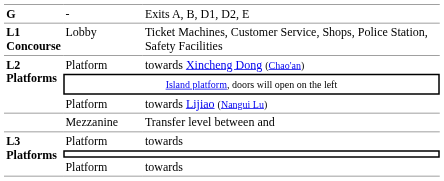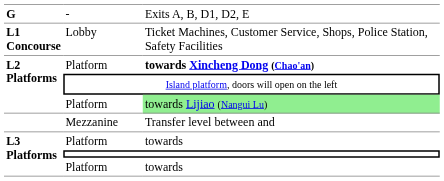 <table table border=0 cellspacing=0 cellpadding=3>
 <tr>
 <td style="border-top:solid 1px gray;" width=50 valign=top><strong>G</strong></td>
 <td style="border-top:solid 1px gray;" width=100 valign=top>-</td>
 <td style="border-top:solid 1px gray;" width=390 valign=top>Exits A, B, D1, D2, E</td>
 </tr>
 <tr>
 <td style="border-bottom:solid 1px gray; border-top:solid 1px gray;" valign=top><strong>L1<br>Concourse</strong></td>
 <td style="border-bottom:solid 1px gray; border-top:solid 1px gray;" valign=top>Lobby</td>
 <td style="border-bottom:solid 1px gray; border-top:solid 1px gray;" valign=top>Ticket Machines, Customer Service, Shops, Police Station, Safety Facilities</td>
 </tr>
 <tr>
 <td style="border-bottom:solid 1px gray;" rowspan=3 valign=top><strong>L2<br>Platforms</strong></td>
 <td>Platform </td>
-<td>  towards <a href='#'>Xincheng Dong</a> <small>(<a href='#'>Chao'an</a>)</small></td>
+<td><strong>  towards <a href='#'>Xincheng Dong</a> <small>(<a href='#'>Chao'an</a>)</small></strong></td>
 </tr>
 <tr>
 <td style="border-right:solid 2px black;border-left:solid 2px black;border-top:solid 2px black;border-bottom:solid 2px black;text-align:center;" colspan=2><small><a href='#'>Island platform</a>, doors will open on the left</small></td>
 </tr>
 <tr>
 <td style="border-bottom:solid 1px gray;">Platform </td>
-<td style="border-bottom:solid 1px gray;"> towards <a href='#'>Lijiao</a> <small>(<a href='#'>Nangui Lu</a>)</small> </td>
+<td style="background: lightgreen; border-bottom:solid 1px gray;"> towards <a href='#'>Lijiao</a> <small>(<a href='#'>Nangui Lu</a>)</small> </td>
 </tr>
 <tr>
 <td style="border-bottom:solid 1px gray;" valign=top></td>
 <td style="border-bottom:solid 1px gray;" valign=top>Mezzanine</td>
 <td style="border-bottom:solid 1px gray;" valign=top>Transfer level between  and </td>
 </tr>
 <tr>
 <td style="border-bottom:solid 1px gray;" rowspan=3 valign=top><strong>L3<br>Platforms</strong></td>
 <td>Platform </td>
 <td>  towards  </td>
 </tr>
 <tr>
 <td style="border-right:solid 2px black;border-left:solid 2px black;border-top:solid 2px black;border-bottom:solid 2px black;text-align:center;" colspan=2></td>
 </tr>
 <tr>
 <td style="border-bottom:solid 1px gray;">Platform </td>
 <td style="border-bottom:solid 1px gray;"> towards   </td>
 </tr>
 </table>
